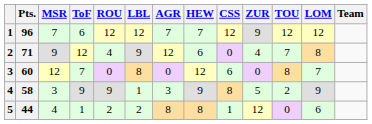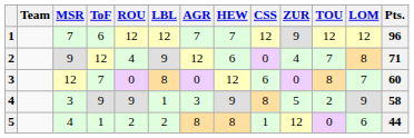 <table class="wikitable" style="font-size:77%; text-align:center">
 <tr>
 <th></th>
-<th>Pts.</th>
+<th>Team</th>
 <th><a href='#'>MSR</a></th>
 <th><a href='#'>ToF</a></th>
 <th><a href='#'>ROU</a></th>
 <th><a href='#'>LBL</a></th>
 <th><a href='#'>AGR</a></th>
 <th><a href='#'>HEW</a></th>
 <th><a href='#'>CSS</a></th>
 <th><a href='#'>ZUR</a></th>
 <th><a href='#'>TOU</a></th>
 <th><a href='#'>LOM</a></th>
-<th>Team</th>
+<th>Pts.</th>
 </tr>
 <tr>
 <th>1</th>
-<th>96</th>
+<td style="text-align:left;"></td>
 <td style="background:#dfffdf;">7</td>
 <td style="background:#dfffdf;">6</td>
 <td style="background:#FFFFBF;">12</td>
 <td style="background:#FFFFBF;">12</td>
 <td style="background:#dfffdf;">7</td>
 <td style="background:#dfffdf;">7</td>
 <td style="background:#FFFFBF;">12</td>
 <td style="background:#dfdfdf;">9</td>
 <td style="background:#FFFFBF;">12</td>
 <td style="background:#FFFFBF;">12</td>
-<td style="text-align:left;"></td>
+<th>96</th>
 </tr>
 <tr>
 <th>2</th>
-<th>71</th>
+<td style="text-align:left;"></td>
 <td style="background:#dfdfdf;">9</td>
 <td style="background:#FFFFBF;">12</td>
 <td style="background:#dfffdf;">4</td>
 <td style="background:#dfdfdf;">9</td>
 <td style="background:#FFFFBF;">12</td>
 <td style="background:#dfffdf;">6</td>
 <td style="background:#EFCFFF;">0</td>
 <td style="background:#dfffdf;">4</td>
 <td style="background:#dfffdf;">7</td>
 <td style="background:#ffdf9f;">8</td>
-<td style="text-align:left;"></td>
+<th>71</th>
 </tr>
 <tr>
 <th>3</th>
-<th>60</th>
+<td style="text-align:left;"></td>
 <td style="background:#FFFFBF;">12</td>
 <td style="background:#dfffdf;">7</td>
 <td style="background:#EFCFFF;">0</td>
 <td style="background:#ffdf9f;">8</td>
 <td style="background:#EFCFFF;">0</td>
 <td style="background:#FFFFBF;">12</td>
 <td style="background:#dfffdf;">6</td>
 <td style="background:#EFCFFF;">0</td>
 <td style="background:#ffdf9f;">8</td>
 <td style="background:#dfffdf;">7</td>
-<td style="text-align:left;"></td>
+<th>60</th>
 </tr>
 <tr>
 <th>4</th>
-<th>58</th>
+<td style="text-align:left;"></td>
 <td style="background:#dfffdf;">3</td>
 <td style="background:#dfdfdf;">9</td>
 <td style="background:#dfdfdf;">9</td>
 <td style="background:#dfffdf;">1</td>
 <td style="background:#dfffdf;">3</td>
 <td style="background:#dfdfdf;">9</td>
 <td style="background:#ffdf9f;">8</td>
 <td style="background:#dfffdf;">5</td>
 <td style="background:#dfffdf;">2</td>
 <td style="background:#dfdfdf;">9</td>
-<td style="text-align:left;"></td>
+<th>58</th>
 </tr>
 <tr>
 <th>5</th>
-<th>44</th>
+<td style="text-align:left;"></td>
 <td style="background:#dfffdf;">4</td>
 <td style="background:#dfffdf;">1</td>
 <td style="background:#dfffdf;">2</td>
 <td style="background:#dfffdf;">2</td>
 <td style="background:#ffdf9f;">8</td>
 <td style="background:#ffdf9f;">8</td>
 <td style="background:#dfffdf;">1</td>
 <td style="background:#FFFFBF;">12</td>
 <td style="background:#EFCFFF;">0</td>
 <td style="background:#dfffdf;">6</td>
-<td style="text-align:left;"></td>
+<th>44</th>
 </tr>
 </table>
